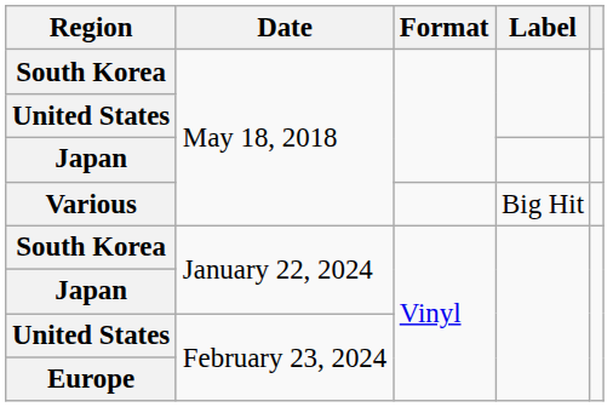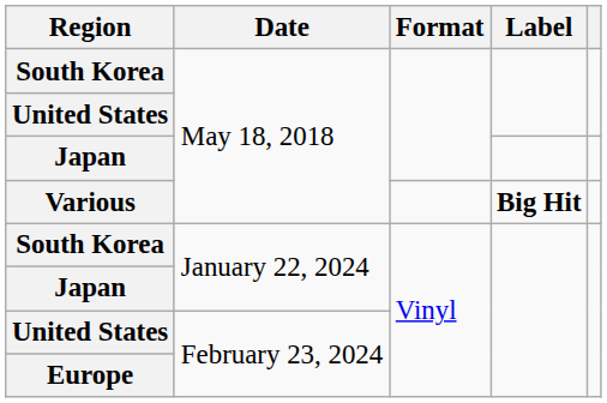 <table class="wikitable plainrowheaders">
 <tr>
 <th>Region</th>
 <th>Date</th>
 <th>Format</th>
 <th>Label</th>
 <th></th>
 </tr>
 <tr>
 <th scope="row">South Korea</th>
 <td rowspan="4">May 18, 2018</td>
 <td rowspan="3"></td>
 <td rowspan="2"></td>
 <td style="text-align:center;" rowspan="2"></td>
 </tr>
 <tr>
 <th scope="row">United States</th>
 </tr>
 <tr>
 <th scope="row">Japan</th>
 <td></td>
 <td style="text-align:center;"></td>
 </tr>
 <tr>
 <th scope="row">Various</th>
 <td></td>
-<td>Big Hit</td>
+<td><strong>Big Hit</strong></td>
 <td style="text-align:center;"></td>
 </tr>
 <tr>
 <th scope="row">South Korea</th>
 <td rowspan="2">January 22, 2024</td>
 <td rowspan="4"><a href='#'>Vinyl</a></td>
 <td rowspan="4"></td>
 <td rowspan="4"></td>
 </tr>
 <tr>
 <th scope="row">Japan</th>
 </tr>
 <tr>
 <th scope="row">United States</th>
 <td rowspan="2">February 23, 2024</td>
 </tr>
 <tr>
 <th scope="row">Europe</th>
 </tr>
 </table>
